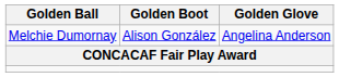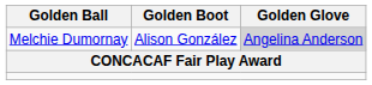 <table class="wikitable" style="margin:auto">
 <tr>
 <th>Golden Ball</th>
 <th>Golden Boot</th>
 <th>Golden Glove</th>
 </tr>
 <tr>
 <td> <a href='#'>Melchie Dumornay</a></td>
 <td> <a href='#'>Alison González</a></td>
-<td> <a href='#'>Angelina Anderson</a></td>
+<td style="background: lightgrey;"> <a href='#'>Angelina Anderson</a></td>
 </tr>
 <tr>
 <th colspan="3">CONCACAF Fair Play Award</th>
 </tr>
 <tr>
 <td colspan="3" style="text-align:center;"></td>
 </tr>
 </table>
